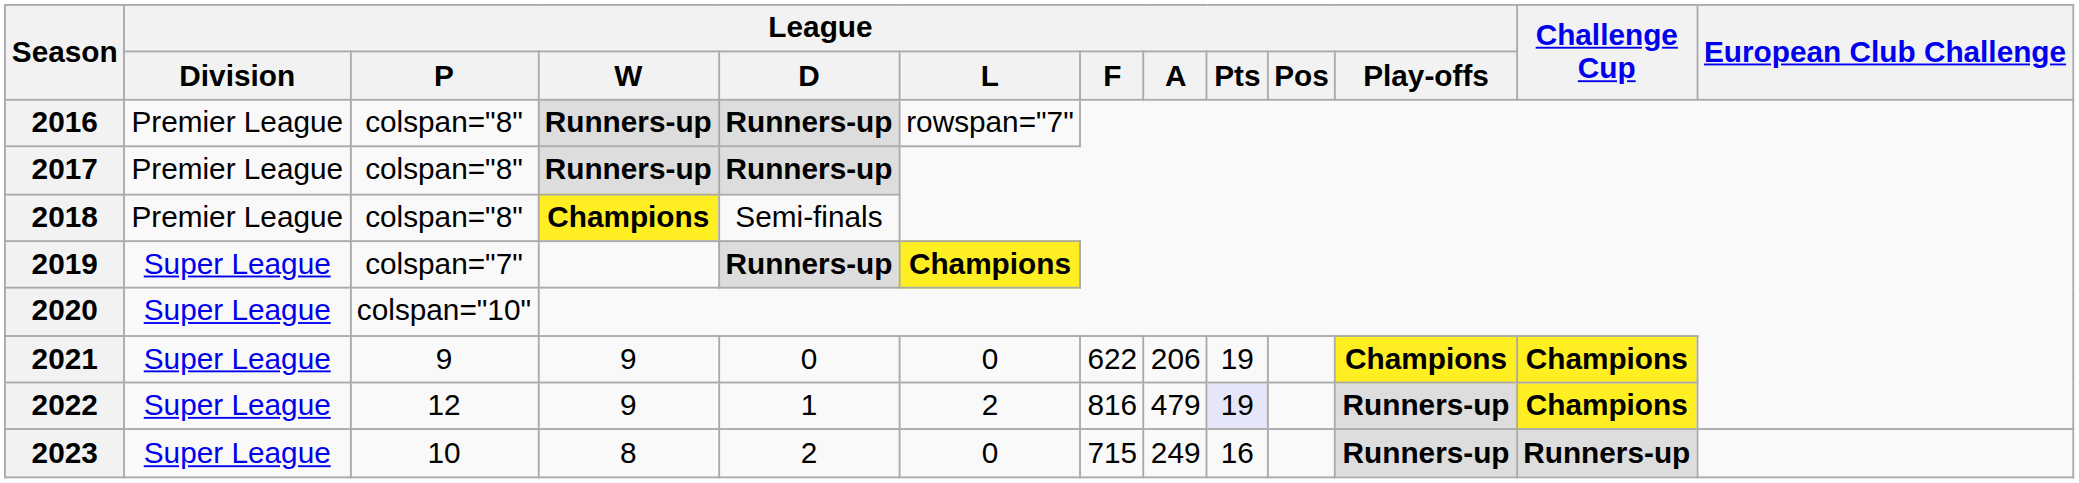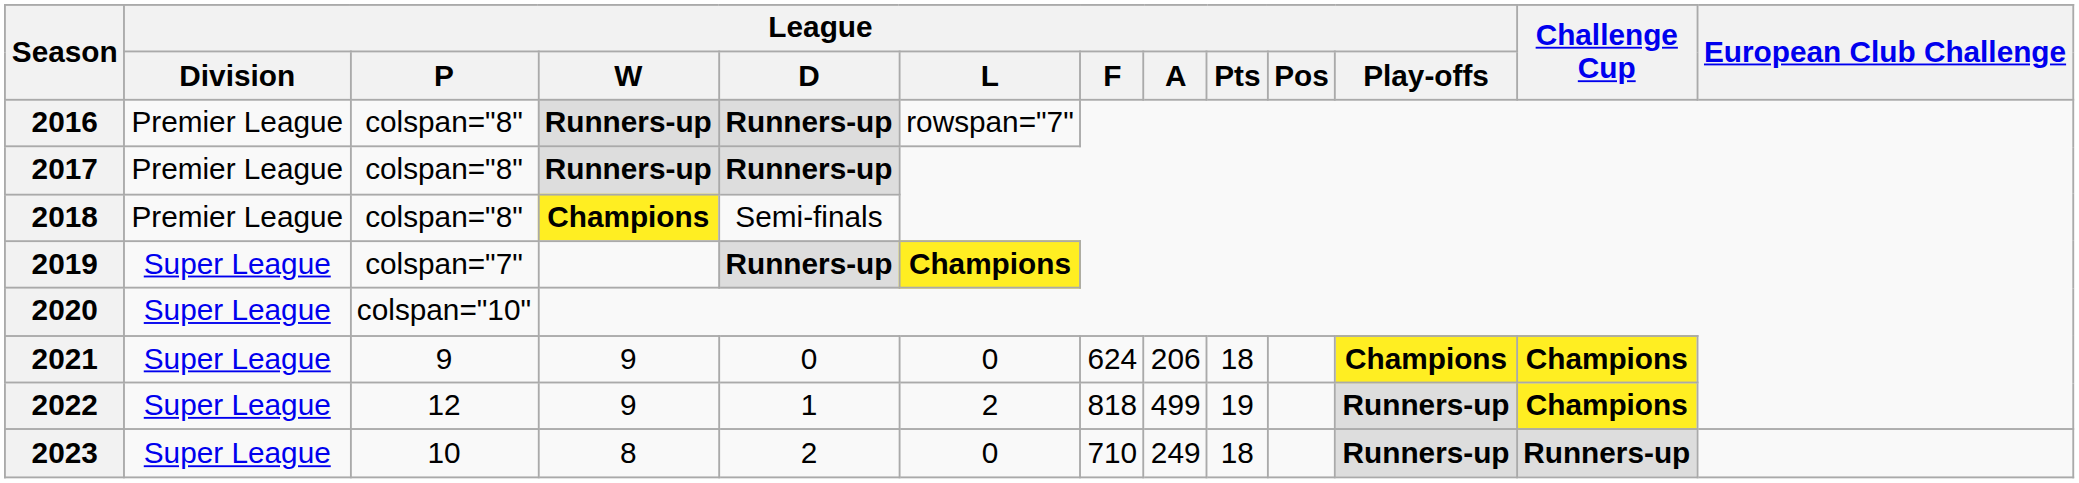 <table class="wikitable" style="text-align: center">
 <tr>
 <th rowspan="2" scope="col">Season</th>
 <th colspan="10" scope="col">League</th>
 <th rowspan="2" scope="col"><a href='#'>Challenge<br>Cup</a></th>
 <th rowspan="2" scope="col"><a href='#'>European Club Challenge</a></th>
 </tr>
 <tr>
 <th scope="col">Division</th>
 <th scope="col">P</th>
 <th scope="col">W</th>
 <th scope="col">D</th>
 <th scope="col">L</th>
 <th scope="col">F</th>
 <th scope="col">A</th>
 <th scope="col">Pts</th>
 <th scope="col">Pos</th>
 <th scope="col">Play-offs</th>
 </tr>
 <tr>
 <th scope="row">2016</th>
 <td>Premier League</td>
 <td>colspan="8"</td>
 <td style="background-color:#DDD"><strong>Runners-up</strong></td>
 <td style="background-color:#DDD"><strong>Runners-up</strong></td>
 <td>rowspan="7"</td>
 </tr>
 <tr>
 <th scope="row">2017</th>
 <td>Premier League</td>
 <td>colspan="8"</td>
 <td style="background-color:#DDD"><strong>Runners-up</strong></td>
 <td style="background-color:#DDD"><strong>Runners-up</strong></td>
 </tr>
 <tr>
 <th scope="row">2018</th>
 <td>Premier League</td>
 <td>colspan="8"</td>
 <td style="background-color:#FE2"><strong>Champions</strong></td>
 <td>Semi-finals</td>
 </tr>
 <tr>
 <th scope="row">2019</th>
 <td><a href='#'>Super League</a></td>
 <td>colspan="7"</td>
 <td></td>
 <td style="background-color:#DDD"><strong>Runners-up</strong></td>
 <td style="background-color:#FE2"><strong>Champions</strong></td>
 </tr>
 <tr>
 <th scope="row">2020</th>
 <td><a href='#'>Super League</a></td>
 <td>colspan="10"</td>
 </tr>
 <tr>
 <th scope="row">2021</th>
 <td><a href='#'>Super League</a></td>
 <td>9</td>
 <td>9</td>
 <td>0</td>
 <td>0</td>
-<td>622</td>
+<td>624</td>
 <td>206</td>
-<td>19</td>
+<td>18</td>
 <td></td>
 <td style="background-color:#FE2"><strong>Champions</strong></td>
 <td style="background-color:#FE2"><strong>Champions</strong></td>
 </tr>
 <tr>
 <th scope="row">2022</th>
 <td><a href='#'>Super League</a></td>
 <td>12</td>
 <td>9</td>
 <td>1</td>
 <td>2</td>
-<td>816</td>
-<td>479</td>
-<td style="background: lavender;">19</td>
+<td>818</td>
+<td>499</td>
+<td>19</td>
 <td></td>
 <td style="background-color:#DDD"><strong>Runners-up</strong></td>
 <td style="background-color:#FE2"><strong>Champions</strong></td>
 </tr>
 <tr>
 <th scope="row">2023</th>
 <td><a href='#'>Super League</a></td>
 <td>10</td>
 <td>8</td>
 <td>2</td>
 <td>0</td>
-<td>715</td>
+<td>710</td>
 <td>249</td>
-<td>16</td>
+<td>18</td>
 <td></td>
 <td style="background-color:#DDD"><strong>Runners-up</strong></td>
 <td style="background-color:#DDD"><strong>Runners-up</strong></td>
 <td></td>
 </tr>
 </table>
